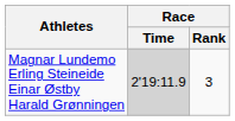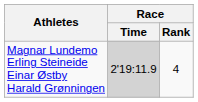 <table class="wikitable" border="1" style="font-size:90%">
 <tr>
 <th rowspan=2>Athletes</th>
 <th colspan=2>Race</th>
 </tr>
 <tr>
 <th>Time</th>
 <th>Rank</th>
 </tr>
 <tr>
 <td><a href='#'>Magnar Lundemo</a><br><a href='#'>Erling Steineide</a><br><a href='#'>Einar Østby</a><br><a href='#'>Harald Grønningen</a></td>
 <td align=center style="background: lightgrey;">2'19:11.9</td>
-<td align=center>3</td>
+<td align=center>4</td>
 </tr>
 </table>
